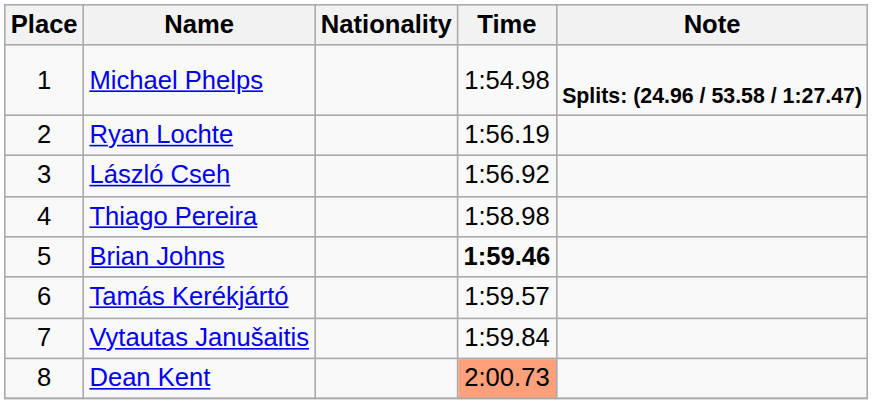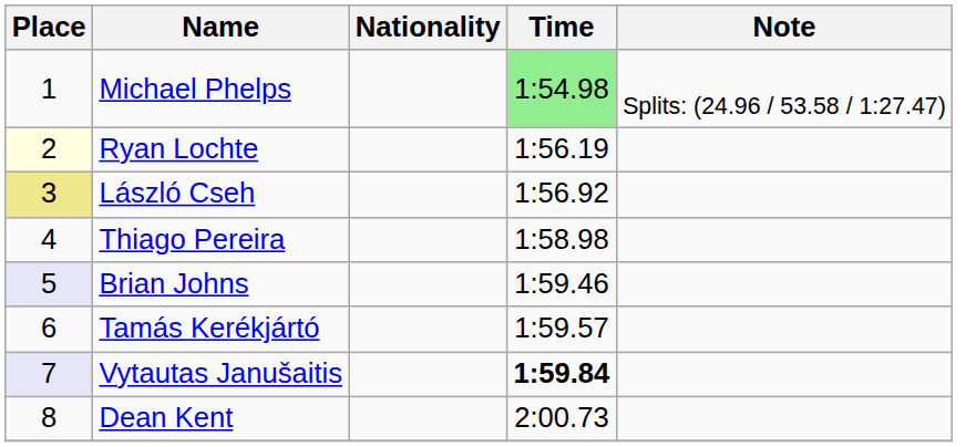 <table class="wikitable" style="text-align:center">
 <tr>
 <th>Place</th>
 <th>Name</th>
 <th>Nationality</th>
 <th>Time</th>
 <th>Note</th>
 </tr>
 <tr>
 <td>1</td>
 <td align=left><a href='#'>Michael Phelps</a></td>
 <td align=left></td>
-<td>1:54.98</td>
-<td><strong> <br><small>Splits: (24.96 / 53.58 / 1:27.47)</small></strong></td>
+<td style="background: lightgreen;">1:54.98</td>
+<td> <br><small>Splits: (24.96 / 53.58 / 1:27.47)</small></td>
 </tr>
 <tr>
-<td>2</td>
+<td style="background: lightyellow;">2</td>
 <td align=left><a href='#'>Ryan Lochte</a></td>
 <td align=left></td>
 <td>1:56.19</td>
 <td></td>
 </tr>
 <tr>
-<td>3</td>
+<td style="background: khaki;">3</td>
 <td align=left><a href='#'>László Cseh</a></td>
 <td align=left></td>
 <td>1:56.92</td>
 <td></td>
 </tr>
 <tr>
 <td>4</td>
 <td align=left><a href='#'>Thiago Pereira</a></td>
 <td align=left></td>
 <td>1:58.98</td>
 <td></td>
 </tr>
 <tr>
-<td>5</td>
+<td style="background: lavender;">5</td>
 <td align=left><a href='#'>Brian Johns</a></td>
 <td align=left></td>
-<td><strong>1:59.46</strong></td>
+<td>1:59.46</td>
 <td></td>
 </tr>
 <tr>
 <td>6</td>
 <td align=left><a href='#'>Tamás Kerékjártó</a></td>
 <td align=left></td>
 <td>1:59.57</td>
 <td></td>
 </tr>
 <tr>
-<td>7</td>
+<td style="background: lavender;">7</td>
 <td align=left><a href='#'>Vytautas Janušaitis</a></td>
 <td align=left></td>
-<td>1:59.84</td>
+<td><strong>1:59.84</strong></td>
 <td></td>
 </tr>
 <tr>
 <td>8</td>
 <td align=left><a href='#'>Dean Kent</a></td>
 <td align=left></td>
-<td style="background: lightsalmon;">2:00.73</td>
+<td>2:00.73</td>
 <td></td>
 </tr>
 <tr>
 </tr>
 </table>
